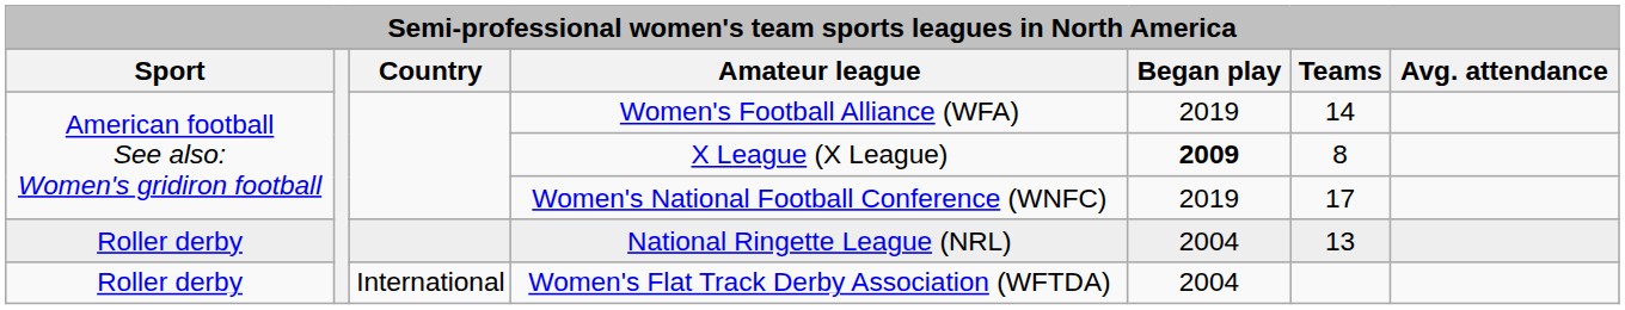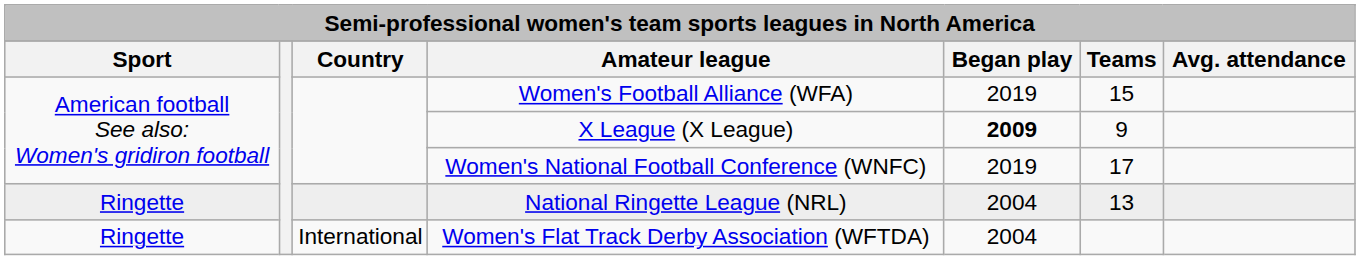 <table class="wikitable" style="text-align:left; font-size:90%;">
 <tr>
 <th colspan=7 style="background:silver;">Semi-professional women's team sports leagues in North America</th>
 </tr>
 <tr align="center" style="font-weight:bold; background-color:#dddddd;" |>
 </tr>
 <tr align="center">
 <th>Sport</th>
 <th width=1% rowspan=6 bgcolor=ffffff></th>
 <th width=10%>Country</th>
 <th>Amateur league</th>
 <th>Began play</th>
 <th>Teams</th>
 <th>Avg. attendance</th>
 </tr>
 <tr align="Center">
 <td rowspan=3><a href='#'>American football</a><br><em>See also:<br><a href='#'>Women's gridiron football</a></em></td>
 <td rowspan=3></td>
 <td><a href='#'>Women's Football Alliance</a> (WFA)</td>
 <td>2019</td>
-<td>14</td>
+<td>15</td>
 <td></td>
 </tr>
 <tr align=center>
 <td><a href='#'>X League</a> (X League)</td>
 <td><strong>2009</strong></td>
-<td>8</td>
+<td>9</td>
 <td></td>
 </tr>
 <tr align=center>
 <td><a href='#'>Women's National Football Conference</a> (WNFC)</td>
 <td>2019</td>
 <td>17</td>
 <td></td>
 </tr>
 <tr align="Center" bgcolor=#eeeeee>
-<td><a href='#'>Roller derby</a></td>
+<td><a href='#'>Ringette</a></td>
 <td></td>
 <td><a href='#'>National Ringette League</a> (NRL)</td>
 <td>2004</td>
 <td>13</td>
 <td></td>
 </tr>
 <tr align="Center">
-<td><a href='#'>Roller derby</a></td>
+<td><a href='#'>Ringette</a></td>
 <td>International</td>
 <td><a href='#'>Women's Flat Track Derby Association</a> (WFTDA)</td>
 <td>2004</td>
 <td></td>
 <td></td>
 </tr>
 </table>
